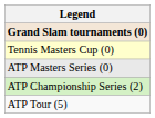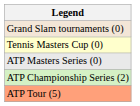 <table class="wikitable sortable mw-collapsible mw-collapsed">
 <tr>
 <th>Legend</th>
 </tr>
 <tr style="background:#f3e6d7;">
-<td><strong>Grand Slam tournaments (0)</strong></td>
+<td>Grand Slam tournaments (0)</td>
 </tr>
 <tr style="background:#ffffcc;">
 <td>Tennis Masters Cup (0)</td>
 </tr>
 <tr style="background:#e9e9e9;">
 <td>ATP Masters Series (0)</td>
 </tr>
 <tr style="background:#d4f1c5;">
 <td>ATP Championship Series (2)</td>
 </tr>
 <tr>
-<td>ATP Tour (5)</td>
+<td style="background: lightsalmon;">ATP Tour (5)</td>
 </tr>
 </table>
